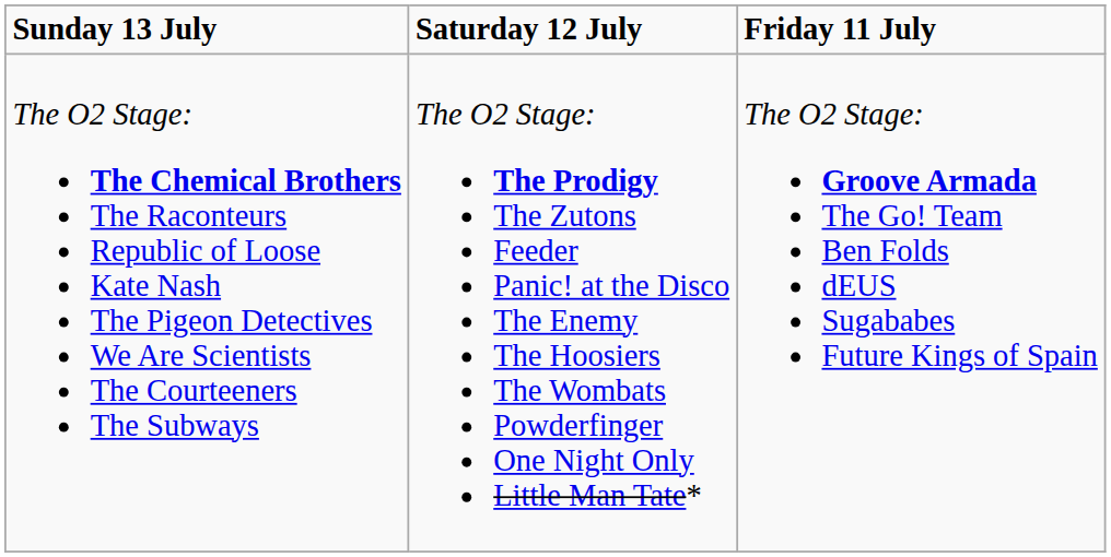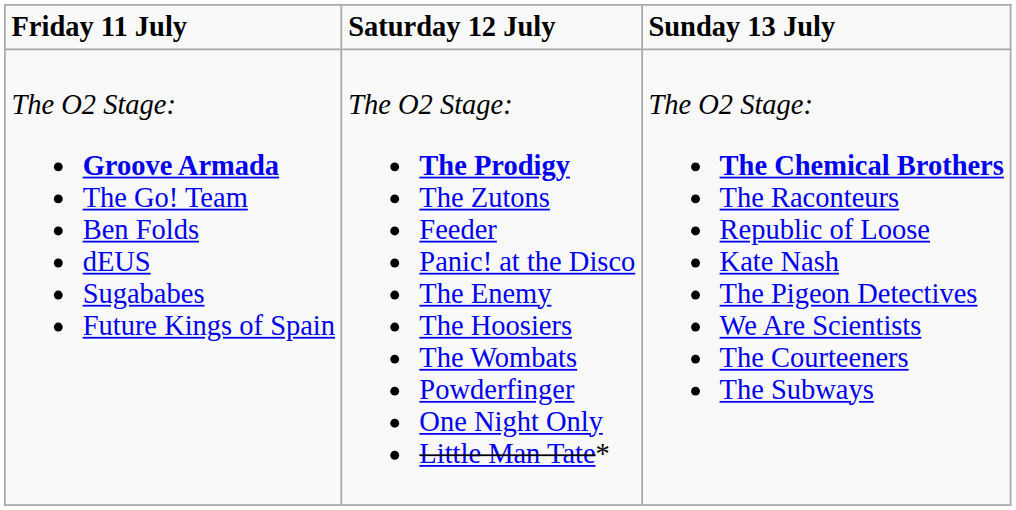 <table class="wikitable">
 <tr>
+<td><strong>Friday 11 July</strong></td>
+<td><strong>Saturday 12 July</strong></td>
 <td><strong>Sunday 13 July</strong></td>
-<td><strong>Saturday 12 July</strong></td>
-<td><strong>Friday 11 July</strong></td>
 </tr>
 <tr valign="top">
+<td><br><em>The O2 Stage:</em><ul><li><strong><a href='#'>Groove Armada</a></strong></li><li><a href='#'>The Go! Team</a></li><li><a href='#'>Ben Folds</a></li><li><a href='#'>dEUS</a></li><li><a href='#'>Sugababes</a></li><li><a href='#'>Future Kings of Spain</a></li></ul></td>
+<td><br><em>The O2 Stage:</em><ul><li><strong><a href='#'>The Prodigy</a></strong></li><li><a href='#'>The Zutons</a></li><li><a href='#'>Feeder</a></li><li><a href='#'>Panic! at the Disco</a></li><li><a href='#'>The Enemy</a></li><li><a href='#'>The Hoosiers</a></li><li><a href='#'>The Wombats</a></li><li><a href='#'>Powderfinger</a></li><li><a href='#'>One Night Only</a></li><li><s><a href='#'>Little Man Tate</a></s>*</li></ul></td>
 <td><br><em>The O2 Stage:</em><ul><li><strong><a href='#'>The Chemical Brothers</a></strong></li><li><a href='#'>The Raconteurs</a></li><li><a href='#'>Republic of Loose</a></li><li><a href='#'>Kate Nash</a></li><li><a href='#'>The Pigeon Detectives</a></li><li><a href='#'>We Are Scientists</a></li><li><a href='#'>The Courteeners</a></li><li><a href='#'>The Subways</a></li></ul></td>
-<td><br><em>The O2 Stage:</em><ul><li><strong><a href='#'>The Prodigy</a></strong></li><li><a href='#'>The Zutons</a></li><li><a href='#'>Feeder</a></li><li><a href='#'>Panic! at the Disco</a></li><li><a href='#'>The Enemy</a></li><li><a href='#'>The Hoosiers</a></li><li><a href='#'>The Wombats</a></li><li><a href='#'>Powderfinger</a></li><li><a href='#'>One Night Only</a></li><li><s><a href='#'>Little Man Tate</a></s>*</li></ul></td>
-<td><br><em>The O2 Stage:</em><ul><li><strong><a href='#'>Groove Armada</a></strong></li><li><a href='#'>The Go! Team</a></li><li><a href='#'>Ben Folds</a></li><li><a href='#'>dEUS</a></li><li><a href='#'>Sugababes</a></li><li><a href='#'>Future Kings of Spain</a></li></ul></td>
 </tr>
 </table>
